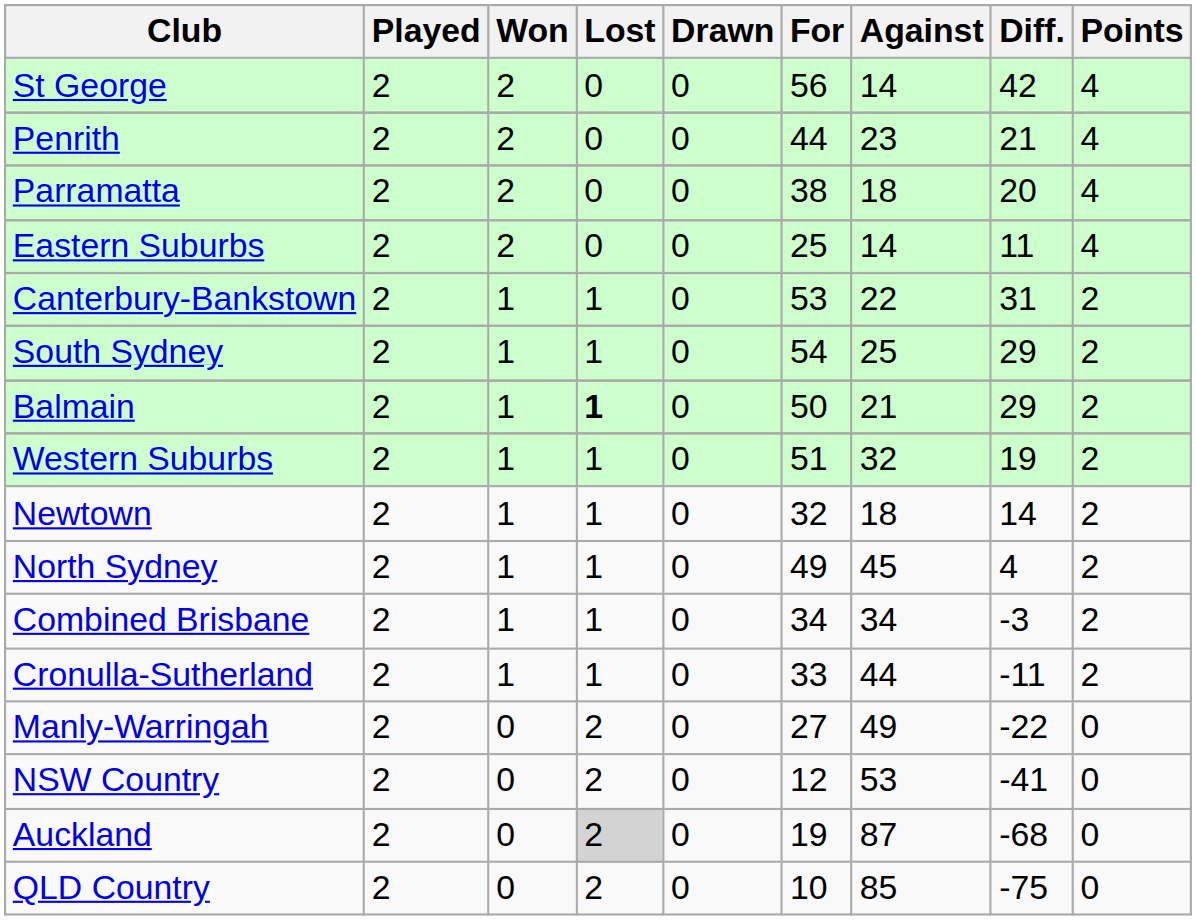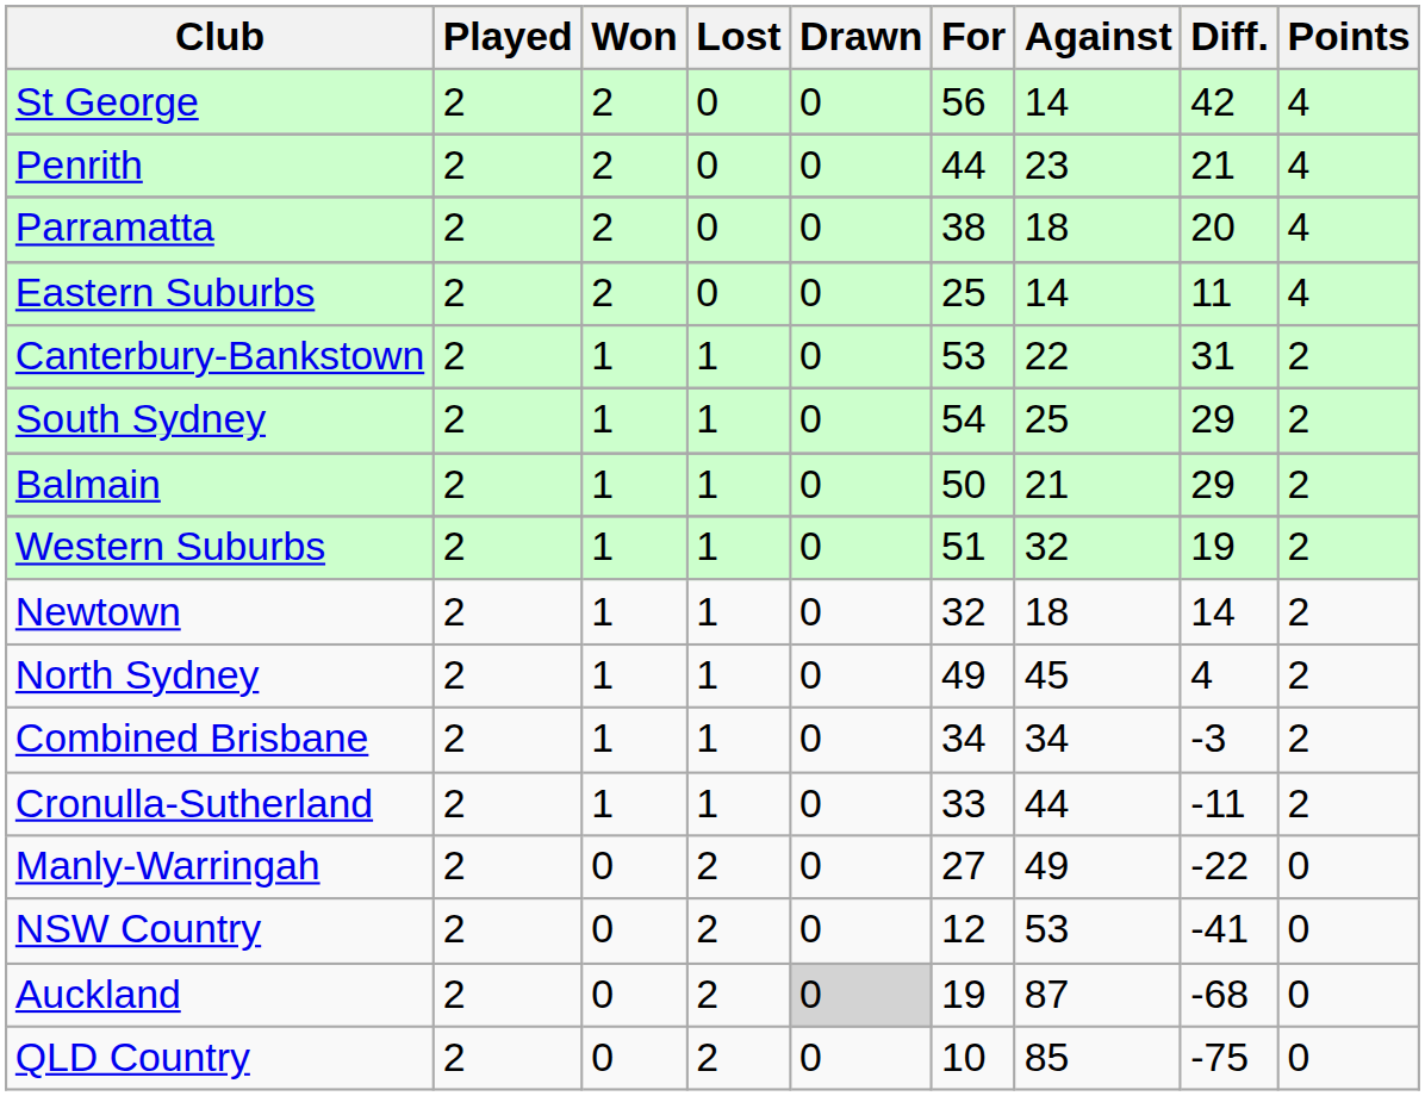 <table class="wikitable">
 <tr style="background:#bdb76b;">
 <th>Club</th>
 <th>Played</th>
 <th>Won</th>
 <th>Lost</th>
 <th>Drawn</th>
 <th>For</th>
 <th>Against</th>
 <th>Diff.</th>
 <th>Points</th>
 </tr>
 <tr style="background:#cfc;">
 <td> <a href='#'>St George</a></td>
 <td>2</td>
 <td>2</td>
 <td>0</td>
 <td>0</td>
 <td>56</td>
 <td>14</td>
 <td>42</td>
 <td>4</td>
 </tr>
 <tr>
 </tr>
 <tr style="background:#cfc;">
 <td> <a href='#'>Penrith</a></td>
 <td>2</td>
 <td>2</td>
 <td>0</td>
 <td>0</td>
 <td>44</td>
 <td>23</td>
 <td>21</td>
 <td>4</td>
 </tr>
 <tr>
 </tr>
 <tr style="background:#cfc;">
 <td> <a href='#'>Parramatta</a></td>
 <td>2</td>
 <td>2</td>
 <td>0</td>
 <td>0</td>
 <td>38</td>
 <td>18</td>
 <td>20</td>
 <td>4</td>
 </tr>
 <tr style="background:#cfc;">
 </tr>
 <tr>
 </tr>
 <tr style="background:#cfc;">
 <td> <a href='#'>Eastern Suburbs</a></td>
 <td>2</td>
 <td>2</td>
 <td>0</td>
 <td>0</td>
 <td>25</td>
 <td>14</td>
 <td>11</td>
 <td>4</td>
 </tr>
 <tr>
 </tr>
 <tr style="background:#cfc;">
 <td> <a href='#'>Canterbury-Bankstown</a></td>
 <td>2</td>
 <td>1</td>
 <td>1</td>
 <td>0</td>
 <td>53</td>
 <td>22</td>
 <td>31</td>
 <td>2</td>
 </tr>
 <tr>
 </tr>
 <tr style="background:#cfc;">
 <td> <a href='#'>South Sydney</a></td>
 <td>2</td>
 <td>1</td>
 <td>1</td>
 <td>0</td>
 <td>54</td>
 <td>25</td>
 <td>29</td>
 <td>2</td>
 </tr>
 <tr>
 </tr>
 <tr style="background:#cfc;">
 <td> <a href='#'>Balmain</a></td>
 <td>2</td>
 <td>1</td>
-<td><strong>1</strong></td>
+<td>1</td>
 <td>0</td>
 <td>50</td>
 <td>21</td>
 <td>29</td>
 <td>2</td>
 </tr>
 <tr>
 </tr>
 <tr style="background:#cfc;">
 <td> <a href='#'>Western Suburbs</a></td>
 <td>2</td>
 <td>1</td>
 <td>1</td>
 <td>0</td>
 <td>51</td>
 <td>32</td>
 <td>19</td>
 <td>2</td>
 </tr>
 <tr>
 <td> <a href='#'>Newtown</a></td>
 <td>2</td>
 <td>1</td>
 <td>1</td>
 <td>0</td>
 <td>32</td>
 <td>18</td>
 <td>14</td>
 <td>2</td>
 </tr>
 <tr>
 <td> <a href='#'>North Sydney</a></td>
 <td>2</td>
 <td>1</td>
 <td>1</td>
 <td>0</td>
 <td>49</td>
 <td>45</td>
 <td>4</td>
 <td>2</td>
 </tr>
 <tr>
 <td> <a href='#'>Combined Brisbane</a></td>
 <td>2</td>
 <td>1</td>
 <td>1</td>
 <td>0</td>
 <td>34</td>
 <td>34</td>
 <td>-3</td>
 <td>2</td>
 </tr>
 <tr>
 <td> <a href='#'>Cronulla-Sutherland</a></td>
 <td>2</td>
 <td>1</td>
 <td>1</td>
 <td>0</td>
 <td>33</td>
 <td>44</td>
 <td>-11</td>
 <td>2</td>
 </tr>
 <tr>
 <td> <a href='#'>Manly-Warringah</a></td>
 <td>2</td>
 <td>0</td>
 <td>2</td>
 <td>0</td>
 <td>27</td>
 <td>49</td>
 <td>-22</td>
 <td>0</td>
 </tr>
 <tr>
 <td> <a href='#'>NSW Country</a></td>
 <td>2</td>
 <td>0</td>
 <td>2</td>
 <td>0</td>
 <td>12</td>
 <td>53</td>
 <td>-41</td>
 <td>0</td>
 </tr>
 <tr>
 <td> <a href='#'>Auckland</a></td>
 <td>2</td>
 <td>0</td>
-<td style="background: lightgrey;">2</td>
-<td>0</td>
+<td>2</td>
+<td style="background: lightgrey;">0</td>
 <td>19</td>
 <td>87</td>
 <td>-68</td>
 <td>0</td>
 </tr>
 <tr>
 <td> <a href='#'>QLD Country</a></td>
 <td>2</td>
 <td>0</td>
 <td>2</td>
 <td>0</td>
 <td>10</td>
 <td>85</td>
 <td>-75</td>
 <td>0</td>
 </tr>
 </table>
